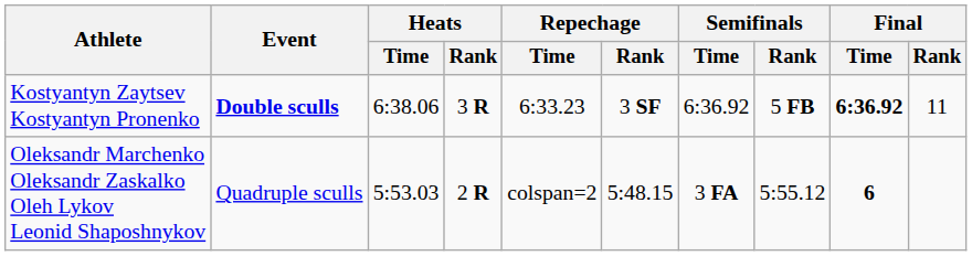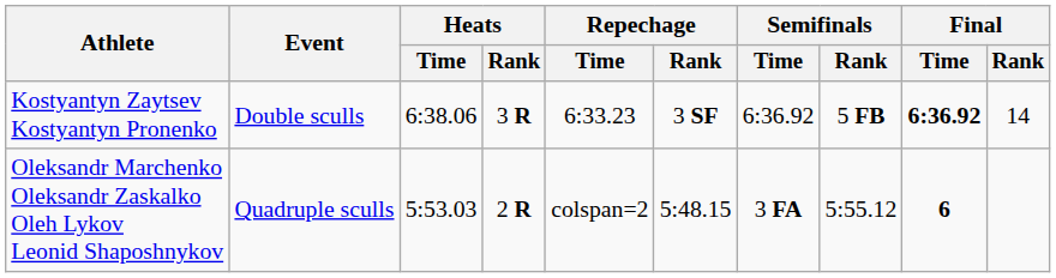 <table class="wikitable" style="font-size:90%">
 <tr>
 <th rowspan="2">Athlete</th>
 <th rowspan="2">Event</th>
 <th colspan="2">Heats</th>
 <th colspan="2">Repechage</th>
 <th colspan="2">Semifinals</th>
 <th colspan="2">Final</th>
 </tr>
 <tr style="font-size:95%">
 <th>Time</th>
 <th>Rank</th>
 <th>Time</th>
 <th>Rank</th>
 <th>Time</th>
 <th>Rank</th>
 <th>Time</th>
 <th>Rank</th>
 </tr>
 <tr align=center>
 <td align=left><a href='#'>Kostyantyn Zaytsev</a><br><a href='#'>Kostyantyn Pronenko</a></td>
-<td align=left><strong><a href='#'>Double sculls</a></strong></td>
+<td align=left><a href='#'>Double sculls</a></td>
 <td>6:38.06</td>
 <td>3 <strong>R</strong></td>
 <td>6:33.23</td>
 <td>3 <strong>SF</strong></td>
 <td>6:36.92</td>
 <td>5 <strong>FB</strong></td>
 <td><strong>6:36.92</strong></td>
-<td>11</td>
+<td>14</td>
 </tr>
 <tr align=center>
 <td align=left><a href='#'>Oleksandr Marchenko</a><br><a href='#'>Oleksandr Zaskalko</a><br><a href='#'>Oleh Lykov</a><br><a href='#'>Leonid Shaposhnykov</a></td>
 <td align=left><a href='#'>Quadruple sculls</a></td>
 <td>5:53.03</td>
 <td>2 <strong>R</strong></td>
 <td>colspan=2 </td>
 <td>5:48.15</td>
 <td>3 <strong>FA</strong></td>
 <td>5:55.12</td>
 <td><strong>6</strong></td>
 </tr>
 </table>
